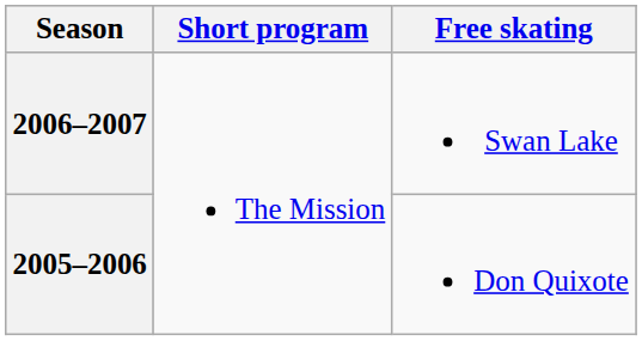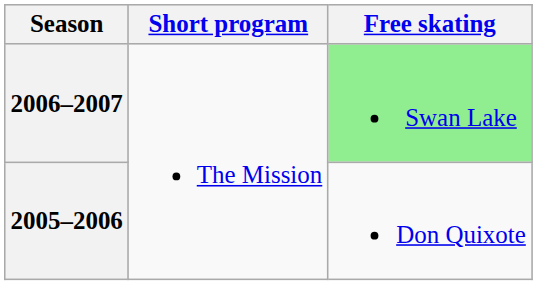 <table class="wikitable" style="text-align:center">
 <tr>
 <th>Season</th>
 <th><a href='#'>Short program</a></th>
 <th><a href='#'>Free skating</a></th>
 </tr>
 <tr>
 <th>2006–2007 <br> </th>
 <td rowspan="2"><br><ul><li><a href='#'>The Mission</a> <br></li></ul></td>
-<td><br><ul><li><a href='#'>Swan Lake</a> <br></li></ul></td>
+<td style="background: lightgreen;"><br><ul><li><a href='#'>Swan Lake</a> <br></li></ul></td>
 </tr>
 <tr>
 <th>2005–2006 <br> </th>
 <td><br><ul><li><a href='#'>Don Quixote</a> <br></li></ul></td>
 </tr>
 </table>
